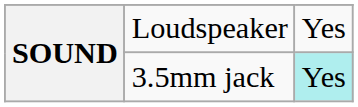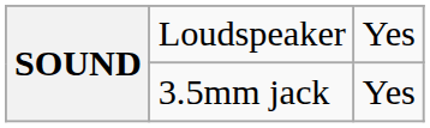 <table class="wikitable">
 <tr>
 <th rowspan="3">SOUND</th>
 <td>Loudspeaker</td>
 <td>Yes</td>
 </tr>
 <tr>
 <td>3.5mm jack</td>
-<td style="background: paleturquoise;">Yes</td>
+<td>Yes</td>
 </tr>
 </table>
